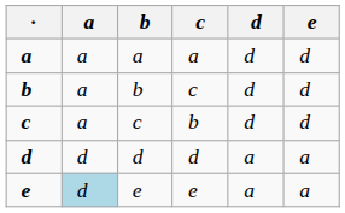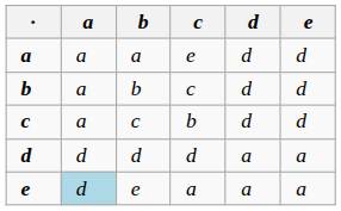 <table class="wikitable" border="1" width="20%" style="margin:1em auto;">
 <tr>
 <th>·</th>
 <th><em>a</em></th>
 <th><em>b</em></th>
 <th><em>c</em></th>
 <th><em>d</em></th>
 <th><em>e</em></th>
 </tr>
 <tr>
 <td>  <strong> <em>a</em> </strong></td>
 <td>  <em>a</em></td>
 <td>  <em>a</em></td>
-<td>  <em>a</em></td>
+<td>  <em>e</em></td>
 <td>  <em>d</em></td>
 <td>  <em>d</em></td>
 </tr>
 <tr>
 <td>  <strong> <em>b</em> </strong></td>
 <td>  <em>a</em></td>
 <td>  <em>b</em></td>
 <td>  <em>c</em></td>
 <td>  <em>d</em></td>
 <td>  <em>d</em></td>
 </tr>
 <tr>
 <td>  <strong> <em>c</em> </strong></td>
 <td>  <em>a</em></td>
 <td>  <em>c</em></td>
 <td>  <em>b</em></td>
 <td>  <em>d</em></td>
 <td>  <em>d</em></td>
 </tr>
 <tr>
 <td>  <strong> <em>d</em> </strong></td>
 <td>  <em>d</em></td>
 <td>  <em>d</em></td>
 <td>  <em>d</em></td>
 <td>  <em>a</em></td>
 <td>  <em>a</em></td>
 </tr>
 <tr>
 <td>  <strong> <em>e</em> </strong></td>
 <td style="background: lightblue;">  <em>d</em></td>
 <td>  <em>e</em></td>
-<td>  <em>e</em></td>
+<td>  <em>a</em></td>
 <td>  <em>a</em></td>
 <td>  <em>a</em></td>
 </tr>
 </table>
